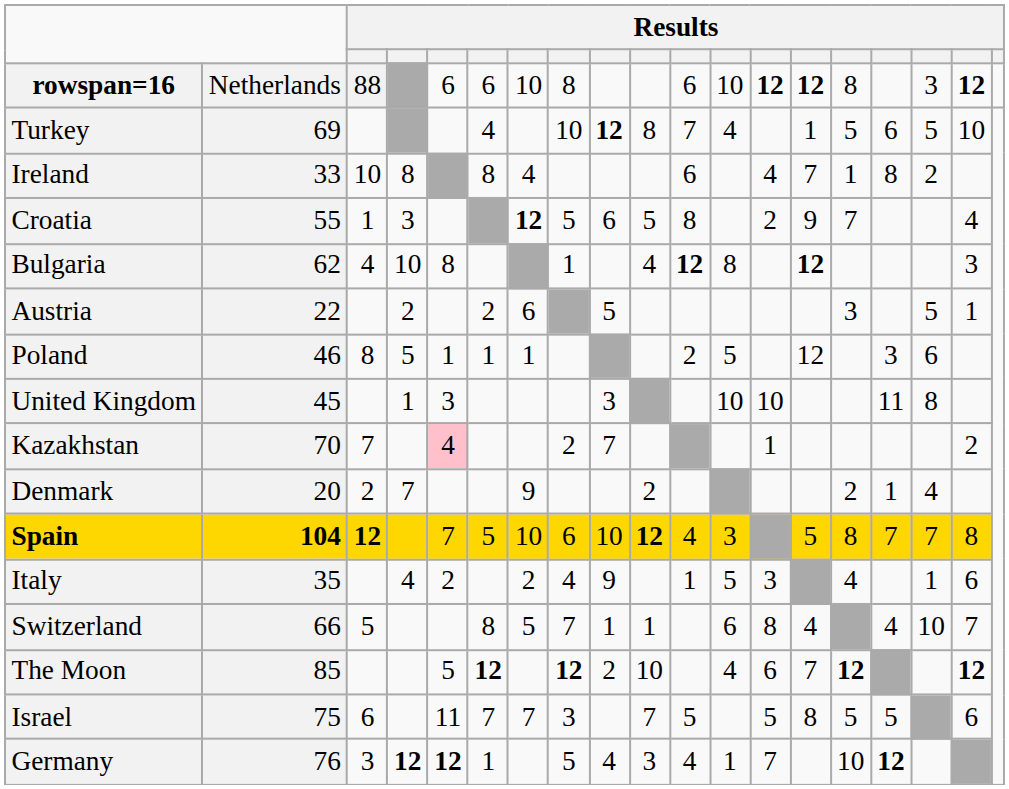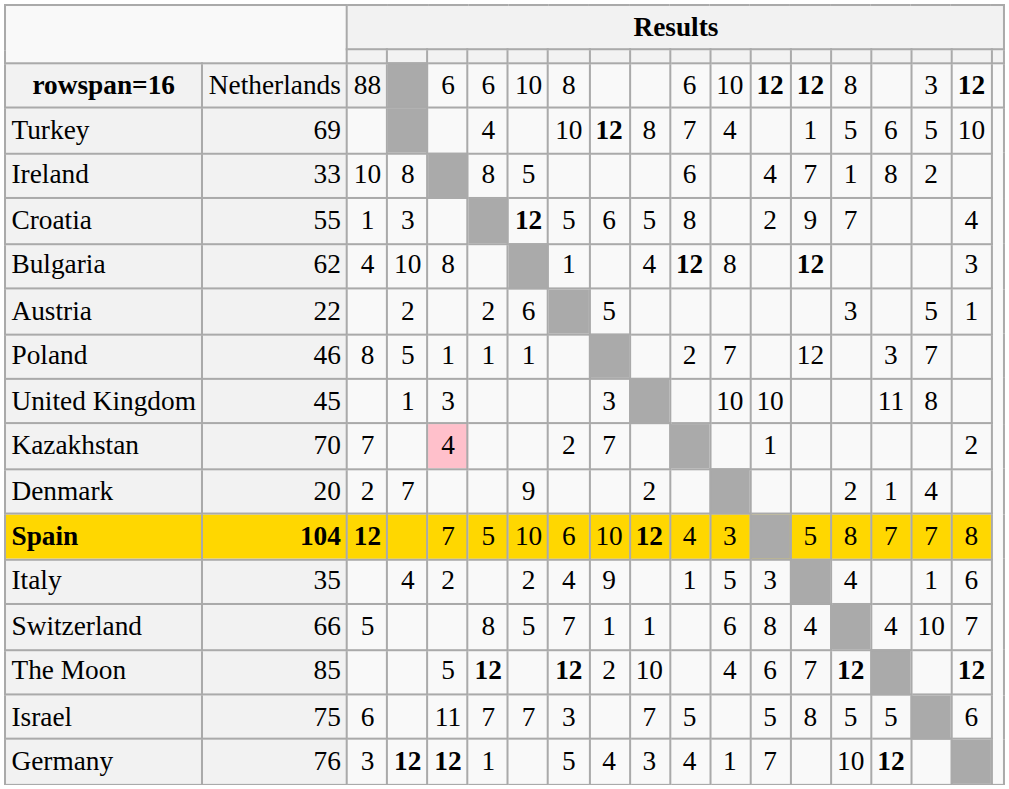 <table class="wikitable" style="text-align:center; font-size:85%;">
 <tr>
 <td colspan=2 rowspan=2></td>
 <th colspan=20>Results</th>
 </tr>
 <tr>
 <th></th>
 <th></th>
 <th></th>
 <th></th>
 <th></th>
 <th></th>
 <th></th>
 <th></th>
 <th></th>
 <th></th>
 <th></th>
 <th></th>
 <th></th>
 <th></th>
 <th></th>
 <th></th>
 <th></th>
 </tr>
 <tr>
 <th>rowspan=16 </th>
 <td style="text-align:left; background:#f2f2f2;">Netherlands</td>
 <td style="text-align:right; background:#f2f2f2;">88</td>
 <td style="text-align:left; background:#aaa;"></td>
 <td>6</td>
 <td>6</td>
 <td>10</td>
 <td>8</td>
 <td></td>
 <td></td>
 <td>6</td>
 <td>10</td>
 <td><strong>12</strong></td>
 <td><strong>12</strong></td>
 <td>8</td>
 <td></td>
 <td>3</td>
 <td><strong>12</strong></td>
 <td></td>
 </tr>
 <tr>
 <td style="text-align:left; background:#f2f2f2;">Turkey</td>
 <td style="text-align:right; background:#f2f2f2;">69</td>
 <td></td>
 <td style="text-align:left; background:#aaa;"></td>
 <td></td>
 <td>4</td>
 <td></td>
 <td>10</td>
 <td><strong>12</strong></td>
 <td>8</td>
 <td>7</td>
 <td>4</td>
 <td></td>
 <td>1</td>
 <td>5</td>
 <td>6</td>
 <td>5</td>
 <td>10</td>
 </tr>
 <tr>
 <td style="text-align:left; background:#f2f2f2;">Ireland</td>
 <td style="text-align:right; background:#f2f2f2;">33</td>
 <td>10</td>
 <td>8</td>
 <td style="text-align:left; background:#aaa;"></td>
 <td>8</td>
-<td>4</td>
+<td>5</td>
 <td></td>
 <td></td>
 <td></td>
 <td>6</td>
 <td></td>
 <td>4</td>
 <td>7</td>
 <td>1</td>
 <td>8</td>
 <td>2</td>
 <td></td>
 </tr>
 <tr>
 <td style="text-align:left; background:#f2f2f2;">Croatia</td>
 <td style="text-align:right; background:#f2f2f2;">55</td>
 <td>1</td>
 <td>3</td>
 <td></td>
 <td style="text-align:left; background:#aaa;"></td>
 <td><strong>12</strong></td>
 <td>5</td>
 <td>6</td>
 <td>5</td>
 <td>8</td>
 <td></td>
 <td>2</td>
 <td>9</td>
 <td>7</td>
 <td></td>
 <td></td>
 <td>4</td>
 </tr>
 <tr>
 <td style="text-align:left; background:#f2f2f2;">Bulgaria</td>
 <td style="text-align:right; background:#f2f2f2;">62</td>
 <td>4</td>
 <td>10</td>
 <td>8</td>
 <td></td>
 <td style="text-align:left; background:#aaa;"></td>
 <td>1</td>
 <td></td>
 <td>4</td>
 <td><strong>12</strong></td>
 <td>8</td>
 <td></td>
 <td><strong>12</strong></td>
 <td></td>
 <td></td>
 <td></td>
 <td>3</td>
 </tr>
 <tr>
 <td style="text-align:left; background:#f2f2f2;">Austria</td>
 <td style="text-align:right; background:#f2f2f2;">22</td>
 <td></td>
 <td>2</td>
 <td></td>
 <td>2</td>
 <td>6</td>
 <td style="text-align:left; background:#aaa;"></td>
 <td>5</td>
 <td></td>
 <td></td>
 <td></td>
 <td></td>
 <td></td>
 <td>3</td>
 <td></td>
 <td>5</td>
 <td>1</td>
 </tr>
 <tr>
 <td style="text-align:left; background:#f2f2f2;">Poland</td>
 <td style="text-align:right; background:#f2f2f2;">46</td>
 <td>8</td>
 <td>5</td>
 <td>1</td>
 <td>1</td>
 <td>1</td>
 <td></td>
 <td style="text-align:left; background:#aaa;"></td>
 <td></td>
 <td>2</td>
-<td>5</td>
+<td>7</td>
 <td></td>
 <td>12</td>
 <td></td>
 <td>3</td>
-<td>6</td>
+<td>7</td>
 <td></td>
 </tr>
 <tr>
 <td style="text-align:left; background:#f2f2f2;">United Kingdom</td>
 <td style="text-align:right; background:#f2f2f2;">45</td>
 <td></td>
 <td>1</td>
 <td>3</td>
 <td></td>
 <td></td>
 <td></td>
 <td>3</td>
 <td style="text-align:left; background:#aaa;"></td>
 <td></td>
 <td>10</td>
 <td>10</td>
 <td></td>
 <td></td>
 <td>11</td>
 <td>8</td>
 <td></td>
 </tr>
 <tr>
 <td style="text-align:left; background:#f2f2f2;">Kazakhstan</td>
 <td style="text-align:right; background:#f2f2f2;">70</td>
 <td>7</td>
 <td></td>
 <td style="background: pink;">4</td>
 <td></td>
 <td></td>
 <td>2</td>
 <td>7</td>
 <td></td>
 <td style="text-align:left; background:#aaa;"></td>
 <td></td>
 <td>1</td>
 <td></td>
 <td></td>
 <td></td>
 <td></td>
 <td>2</td>
 </tr>
 <tr>
 <td style="text-align:left; background:#f2f2f2;">Denmark</td>
 <td style="text-align:right; background:#f2f2f2;">20</td>
 <td>2</td>
 <td>7</td>
 <td></td>
 <td></td>
 <td>9</td>
 <td></td>
 <td></td>
 <td>2</td>
 <td></td>
 <td style="text-align:left; background:#aaa;"></td>
 <td></td>
 <td></td>
 <td>2</td>
 <td>1</td>
 <td>4</td>
 <td></td>
 </tr>
 <tr style="background:gold;">
 <td style="text-align:left; background:#FFGOLD;"><strong>Spain</strong></td>
 <td style="text-align:right; background:#FFGOLD;"><strong>104</strong></td>
 <td><strong>12</strong></td>
 <td></td>
 <td>7</td>
 <td>5</td>
 <td>10</td>
 <td>6</td>
 <td>10</td>
 <td><strong>12</strong></td>
 <td>4</td>
 <td>3</td>
 <td style="text-align:left; background:#aaa;"></td>
 <td>5</td>
 <td>8</td>
 <td>7</td>
 <td>7</td>
 <td>8</td>
 </tr>
 <tr>
 <td style="text-align:left; background:#f2f2f2;">Italy</td>
 <td style="text-align:right; background:#f2f2f2;">35</td>
 <td></td>
 <td>4</td>
 <td>2</td>
 <td></td>
 <td>2</td>
 <td>4</td>
 <td>9</td>
 <td></td>
 <td>1</td>
 <td>5</td>
 <td>3</td>
 <td style="text-align:left; background:#aaa;"></td>
 <td>4</td>
 <td></td>
 <td>1</td>
 <td>6</td>
 </tr>
 <tr>
 <td style="text-align:left; background:#f2f2f2;">Switzerland</td>
 <td style="text-align:right; background:#f2f2f2;">66</td>
 <td>5</td>
 <td></td>
 <td></td>
 <td>8</td>
 <td>5</td>
 <td>7</td>
 <td>1</td>
 <td>1</td>
 <td></td>
 <td>6</td>
 <td>8</td>
 <td>4</td>
 <td style="text-align:left; background:#aaa;"></td>
 <td>4</td>
 <td>10</td>
 <td>7</td>
 </tr>
 <tr>
 <td style="text-align:left; background:#f2f2f2;">The Moon</td>
 <td style="text-align:right; background:#f2f2f2;">85</td>
 <td></td>
 <td></td>
 <td>5</td>
 <td><strong>12</strong></td>
 <td></td>
 <td><strong>12</strong></td>
 <td>2</td>
 <td>10</td>
 <td></td>
 <td>4</td>
 <td>6</td>
 <td>7</td>
 <td><strong>12</strong></td>
 <td style="text-align:left; background:#aaa;"></td>
 <td></td>
 <td><strong>12</strong></td>
 </tr>
 <tr>
 <td style="text-align:left; background:#f2f2f2;">Israel</td>
 <td style="text-align:right; background:#f2f2f2;">75</td>
 <td>6</td>
 <td></td>
 <td>11</td>
 <td>7</td>
 <td>7</td>
 <td>3</td>
 <td></td>
 <td>7</td>
 <td>5</td>
 <td></td>
 <td>5</td>
 <td>8</td>
 <td>5</td>
 <td>5</td>
 <td style="text-align:left; background:#aaa;"></td>
 <td>6</td>
 </tr>
 <tr>
 <td style="text-align:left; background:#f2f2f2;">Germany</td>
 <td style="text-align:right; background:#f2f2f2;">76</td>
 <td>3</td>
 <td><strong>12</strong></td>
 <td><strong>12</strong></td>
 <td>1</td>
 <td></td>
 <td>5</td>
 <td>4</td>
 <td>3</td>
 <td>4</td>
 <td>1</td>
 <td>7</td>
 <td></td>
 <td>10</td>
 <td><strong>12</strong></td>
 <td></td>
 <td style="text-align:left; background:#aaa;"></td>
 </tr>
 </table>
